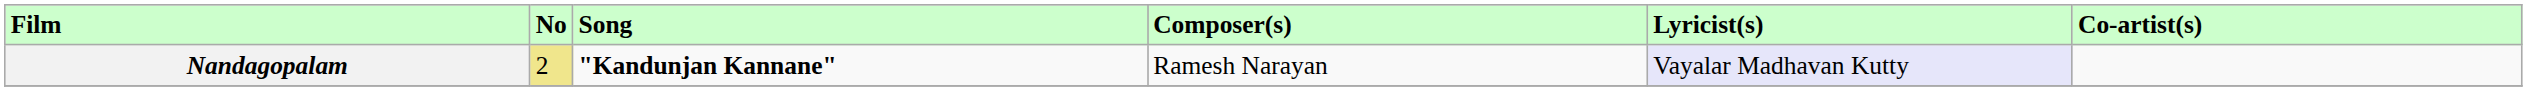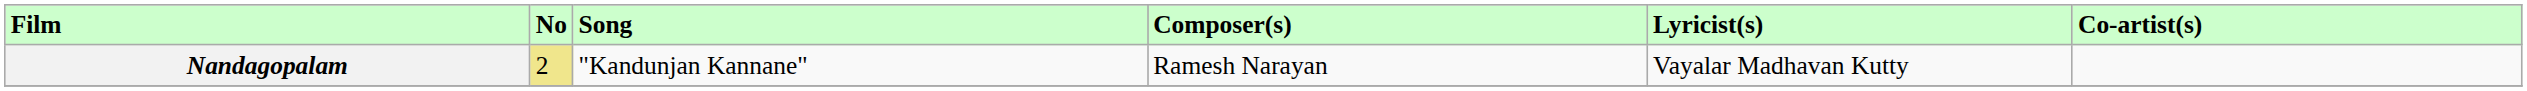 <table class="wikitable plainrowheaders" width="100%" textcolor:#000;">
 <tr style="background:#cfc; text-align::center;">
 <td scope="col" width=21%><strong>Film</strong></td>
 <td><strong>No</strong></td>
 <td scope="col" width=23%><strong>Song</strong></td>
 <td scope="col" width=20%><strong>Composer(s)</strong></td>
 <td scope="col" width=17%><strong>Lyricist(s)</strong></td>
 <td scope="col" width=18%><strong>Co-artist(s)</strong></td>
 </tr>
 <tr>
 <th scope="row"><em>Nandagopalam</em></th>
 <td style="background: khaki;">2</td>
-<td><strong>"Kandunjan Kannane"</strong></td>
+<td>"Kandunjan Kannane"</td>
 <td>Ramesh Narayan</td>
-<td style="background: lavender;">Vayalar Madhavan Kutty</td>
+<td>Vayalar Madhavan Kutty</td>
 <td></td>
 </tr>
 <tr>
 </tr>
 </table>
